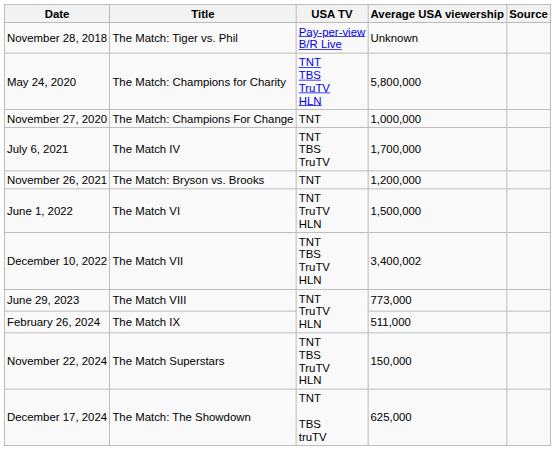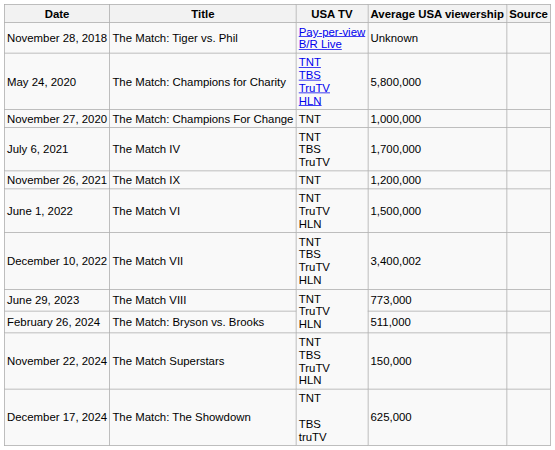 <table class=wikitable style="font-size: 95%;">
 <tr>
 <th>Date</th>
 <th>Title</th>
 <th>USA TV</th>
 <th>Average USA viewership</th>
 <th>Source</th>
 </tr>
 <tr>
 <td>November 28, 2018</td>
 <td>The Match: Tiger vs. Phil</td>
 <td><a href='#'>Pay-per-view</a><br><a href='#'>B/R Live</a></td>
 <td>Unknown</td>
 <td></td>
 </tr>
 <tr>
 <td>May 24, 2020</td>
 <td>The Match: Champions for Charity</td>
 <td><a href='#'>TNT</a><br><a href='#'>TBS</a><br><a href='#'>TruTV</a><br><a href='#'>HLN</a></td>
 <td>5,800,000</td>
 <td></td>
 </tr>
 <tr>
 <td>November 27, 2020</td>
 <td>The Match: Champions For Change</td>
 <td>TNT</td>
 <td>1,000,000</td>
 <td></td>
 </tr>
 <tr>
 <td>July 6, 2021</td>
 <td>The Match IV</td>
 <td>TNT<br>TBS<br>TruTV</td>
 <td>1,700,000</td>
 <td></td>
 </tr>
 <tr>
 <td>November 26, 2021</td>
-<td>The Match: Bryson vs. Brooks</td>
+<td>The Match IX</td>
 <td>TNT</td>
 <td>1,200,000</td>
 <td></td>
 </tr>
 <tr>
 <td>June 1, 2022</td>
 <td>The Match VI</td>
 <td>TNT<br>TruTV<br>HLN</td>
 <td>1,500,000</td>
 <td></td>
 </tr>
 <tr>
 <td>December 10, 2022</td>
 <td>The Match VII</td>
 <td>TNT<br>TBS<br>TruTV<br>HLN</td>
 <td>3,400,002</td>
 <td></td>
 </tr>
 <tr>
 <td>June 29, 2023</td>
 <td>The Match VIII</td>
 <td rowspan=2>TNT<br>TruTV<br>HLN</td>
 <td>773,000</td>
 <td></td>
 </tr>
 <tr>
 <td>February 26, 2024</td>
-<td>The Match IX</td>
+<td>The Match: Bryson vs. Brooks</td>
 <td>511,000</td>
 <td></td>
 </tr>
 <tr>
 <td>November 22, 2024</td>
 <td>The Match Superstars</td>
 <td>TNT<br>TBS<br>TruTV<br>HLN</td>
 <td>150,000</td>
 <td></td>
 </tr>
 <tr>
 <td>December 17, 2024</td>
 <td>The Match: The Showdown</td>
 <td>TNT<br><br>TBS<br> truTV<br></td>
 <td>625,000</td>
 <td></td>
 </tr>
 </table>
